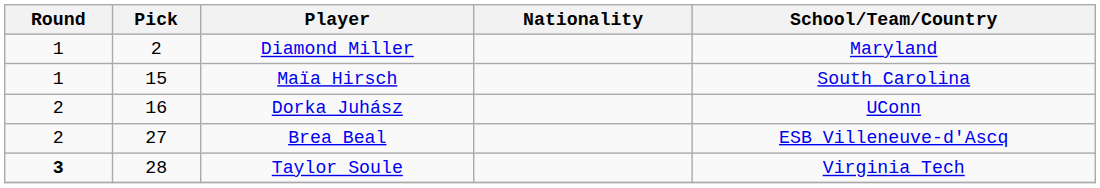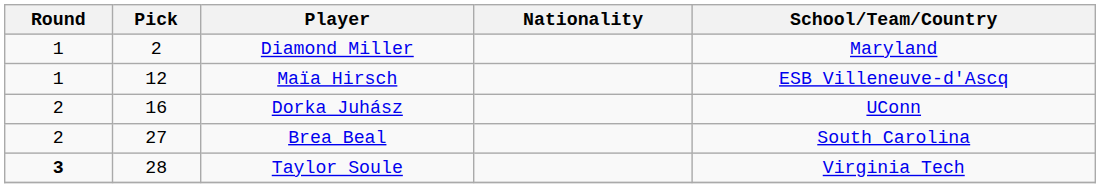 <table class="wikitable" style="text-align:center; width:60em">
 <tr>
 <th>Round</th>
 <th>Pick</th>
 <th>Player</th>
 <th>Nationality</th>
 <th>School/Team/Country</th>
 </tr>
 <tr>
 <td>1</td>
 <td>2</td>
 <td><a href='#'>Diamond Miller</a></td>
 <td></td>
 <td><a href='#'>Maryland</a></td>
 </tr>
 <tr>
 <td>1</td>
-<td>15</td>
+<td>12</td>
 <td><a href='#'>Maïa Hirsch</a></td>
 <td></td>
-<td><a href='#'>South Carolina</a></td>
+<td><a href='#'>ESB Villeneuve-d'Ascq</a></td>
 </tr>
 <tr>
 <td>2</td>
 <td>16</td>
 <td><a href='#'>Dorka Juhász</a></td>
 <td></td>
 <td><a href='#'>UConn</a></td>
 </tr>
 <tr>
 <td>2</td>
 <td>27</td>
 <td><a href='#'>Brea Beal</a></td>
 <td></td>
-<td><a href='#'>ESB Villeneuve-d'Ascq</a></td>
+<td><a href='#'>South Carolina</a></td>
 </tr>
 <tr>
 <td><strong>3</strong></td>
 <td>28</td>
 <td><a href='#'>Taylor Soule</a></td>
 <td></td>
 <td><a href='#'>Virginia Tech</a></td>
 </tr>
 <tr>
 </tr>
 </table>
